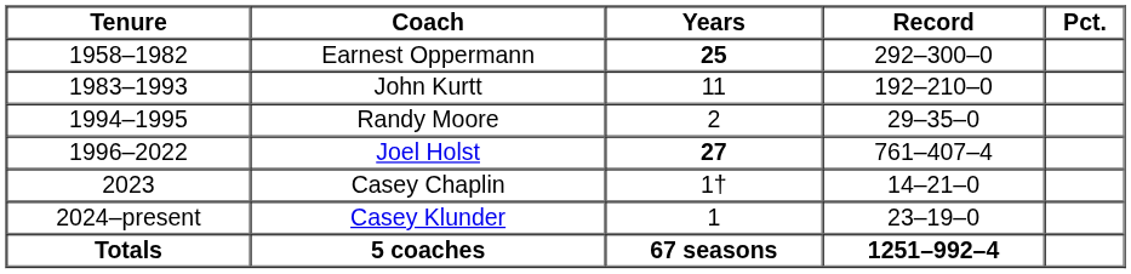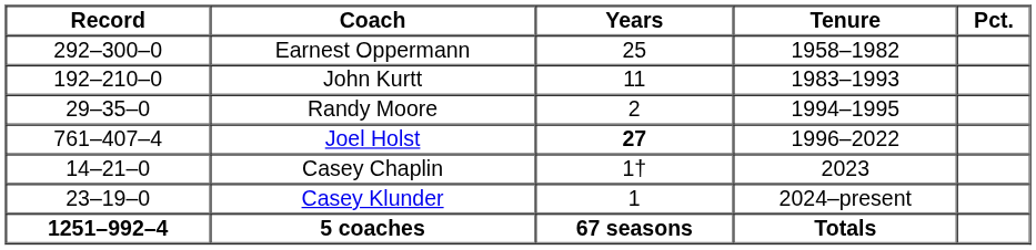 <table cellpadding="1" border="1" cellspacing="0" width="60%">
 <tr>
-<th>Tenure</th>
+<th>Record</th>
 <th>Coach</th>
 <th>Years</th>
-<th>Record</th>
+<th>Tenure</th>
 <th>Pct.</th>
 </tr>
 <tr align="center">
+<td>292–300–0</td>
+<td>Earnest Oppermann</td>
+<td>25</td>
 <td>1958–1982</td>
-<td>Earnest Oppermann</td>
-<td><strong>25</strong></td>
-<td>292–300–0</td>
 <td></td>
 </tr>
 <tr align="center">
-<td>1983–1993</td>
+<td>192–210–0</td>
 <td>John Kurtt</td>
 <td>11</td>
-<td>192–210–0</td>
+<td>1983–1993</td>
 <td></td>
 </tr>
 <tr align="center">
-<td>1994–1995</td>
+<td>29–35–0</td>
 <td>Randy Moore</td>
 <td>2</td>
-<td>29–35–0</td>
+<td>1994–1995</td>
 <td></td>
 </tr>
 <tr align="center">
-<td>1996–2022</td>
+<td>761–407–4</td>
 <td><a href='#'>Joel Holst</a></td>
 <td><strong>27</strong></td>
-<td>761–407–4</td>
+<td>1996–2022</td>
 <td></td>
 </tr>
 <tr align="center">
-<td>2023</td>
+<td>14–21–0</td>
 <td>Casey Chaplin</td>
 <td>1†</td>
-<td>14–21–0</td>
+<td>2023</td>
 <td></td>
 </tr>
 <tr align="center">
-<td>2024–present</td>
+<td>23–19–0</td>
 <td><a href='#'>Casey Klunder</a></td>
 <td>1</td>
-<td>23–19–0</td>
+<td>2024–present</td>
 <td></td>
 </tr>
 <tr align=center>
-<th>Totals</th>
+<th>1251–992–4</th>
 <th>5 coaches</th>
 <th>67 seasons</th>
-<th>1251–992–4</th>
+<th>Totals</th>
 <th></th>
 </tr>
 </table>
